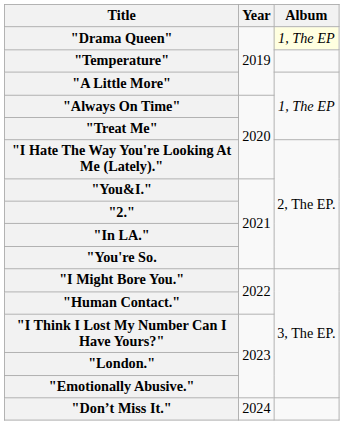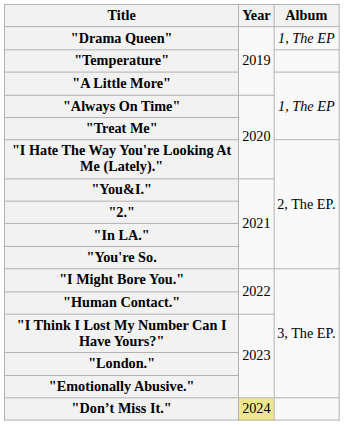 <table class="wikitable plainrowheaders" style="text-align:center">
 <tr>
 <th scope="col" style="width:16em;">Title</th>
 <th scope="col">Year</th>
 <th scope="col">Album</th>
 </tr>
 <tr>
 <th scope="row">"Drama Queen"</th>
 <td rowspan="3">2019</td>
-<td style="background: lightyellow;"><em>1, The EP</em></td>
+<td><em>1, The EP</em></td>
 </tr>
 <tr>
 <th scope="row">"Temperature"</th>
 <td></td>
 </tr>
 <tr>
 <th scope="row">"A Little More"</th>
 <td rowspan="3"><em>1, The EP</td>
 </tr>
 <tr>
 <th scope="row">"Always On Time"</th>
 <td rowspan="3">2020</td>
 </tr>
 <tr>
 <th scope="row">"Treat Me"</th>
 </tr>
 <tr>
 <th scope="row">"I Hate The Way You're Looking At Me (Lately)."</th>
 <td rowspan="5"></em>2, The EP.<em></td>
 </tr>
 <tr>
 <th scope="row">"You&I."</th>
 <td rowspan=" 4">2021</td>
 </tr>
 <tr>
 <th scope="row">"2."<br></th>
 </tr>
 <tr>
 <th scope="row">"In LA."</th>
 </tr>
 <tr>
 <th scope="row">"You're So.</th>
 </tr>
 <tr>
 <th scope="row">"I Might Bore You."</th>
 <td rowspan="2">2022</td>
 <td rowspan="5">3, The EP.</td>
 </tr>
 <tr>
 <th scope="row">"Human Contact."</th>
 </tr>
 <tr>
 <th scope="row">"I Think I Lost My Number Can I Have Yours?"</th>
 <td rowspan="3">2023</td>
 </tr>
 <tr>
 <th scope="row">"London."</th>
 </tr>
 <tr>
 <th scope="row">"Emotionally Abusive."</th>
 </tr>
 <tr>
 <th scope="row">"Don’t Miss It."</th>
-<td>2024</td>
+<td style="background: khaki;">2024</td>
 <td></td>
 </tr>
 </table>
